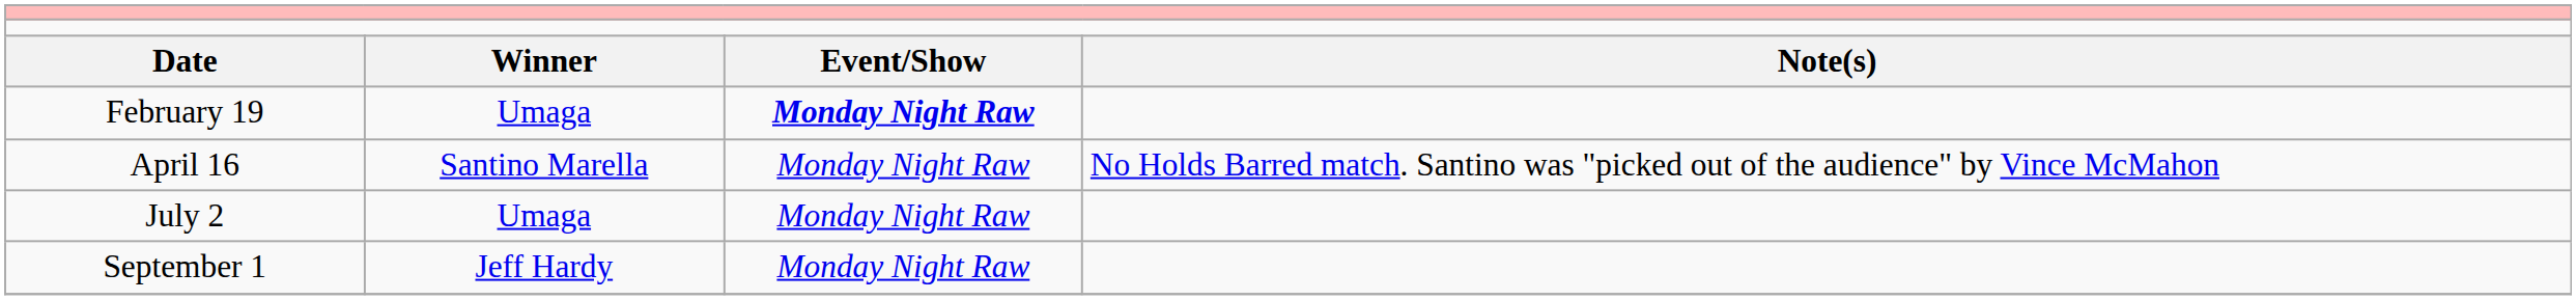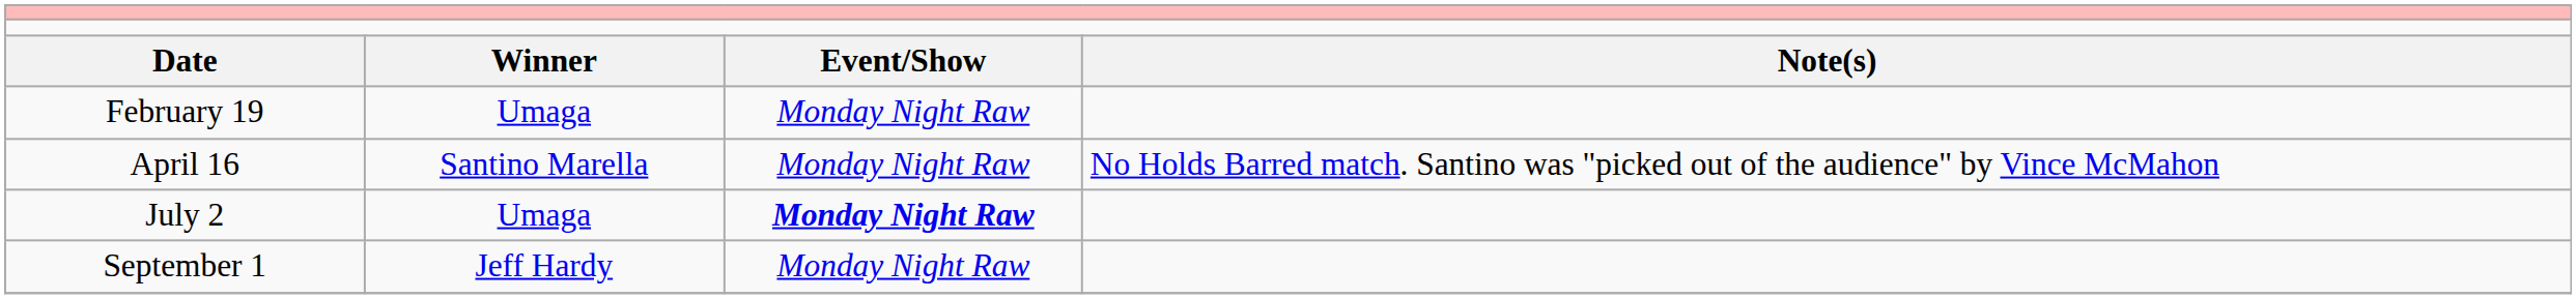 <table class="wikitable" style="text-align:center; width:100%;">
 <tr style="background:#FBB;">
 <td colspan="5"></td>
 </tr>
 <tr>
 <td colspan="5"><strong></strong></td>
 </tr>
 <tr>
 <th width=14%>Date</th>
 <th width=14%>Winner</th>
 <th width=14%>Event/Show</th>
 <th width=58%>Note(s)</th>
 </tr>
 <tr>
 <td>February 19</td>
 <td><a href='#'>Umaga</a></td>
-<td><strong><em><a href='#'>Monday Night Raw</a></em></strong></td>
+<td><em><a href='#'>Monday Night Raw</a></em></td>
 <td></td>
 </tr>
 <tr>
 <td>April 16</td>
 <td><a href='#'>Santino Marella</a></td>
 <td><em><a href='#'>Monday Night Raw</a></em></td>
 <td align=left><a href='#'>No Holds Barred match</a>. Santino was "picked out of the audience" by <a href='#'>Vince McMahon</a></td>
 </tr>
 <tr>
 <td>July 2</td>
 <td><a href='#'>Umaga</a></td>
-<td><em><a href='#'>Monday Night Raw</a></em></td>
+<td><strong><em><a href='#'>Monday Night Raw</a></em></strong></td>
 <td></td>
 </tr>
 <tr>
 <td>September 1<br></td>
 <td><a href='#'>Jeff Hardy</a></td>
 <td><em><a href='#'>Monday Night Raw</a></em></td>
 <td></td>
 </tr>
 <tr>
 </tr>
 </table>
